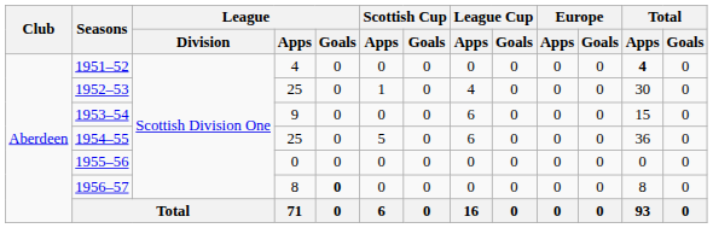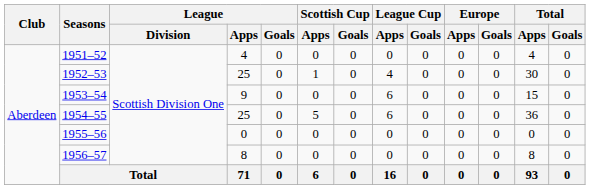 <table class="wikitable" style="text-align:center">
 <tr>
 <th rowspan="2">Club</th>
 <th rowspan="2">Seasons</th>
 <th colspan="3">League</th>
 <th colspan="2">Scottish Cup</th>
 <th colspan="2">League Cup</th>
 <th colspan="2">Europe</th>
 <th colspan="2">Total</th>
 </tr>
 <tr>
 <th>Division</th>
 <th>Apps</th>
 <th>Goals</th>
 <th>Apps</th>
 <th>Goals</th>
 <th>Apps</th>
 <th>Goals</th>
 <th>Apps</th>
 <th>Goals</th>
 <th>Apps</th>
 <th>Goals</th>
 </tr>
 <tr>
 <td rowspan="7"><a href='#'>Aberdeen</a></td>
 <td><a href='#'>1951–52</a></td>
 <td rowspan="6"><a href='#'>Scottish Division One</a></td>
 <td>4</td>
 <td>0</td>
 <td>0</td>
 <td>0</td>
 <td>0</td>
 <td>0</td>
 <td>0</td>
 <td>0</td>
-<td><strong>4</strong></td>
+<td>4</td>
 <td>0</td>
 </tr>
 <tr>
 <td><a href='#'>1952–53</a></td>
 <td>25</td>
 <td>0</td>
 <td>1</td>
 <td>0</td>
 <td>4</td>
 <td>0</td>
 <td>0</td>
 <td>0</td>
 <td>30</td>
 <td>0</td>
 </tr>
 <tr>
 <td><a href='#'>1953–54</a></td>
 <td>9</td>
 <td>0</td>
 <td>0</td>
 <td>0</td>
 <td>6</td>
 <td>0</td>
 <td>0</td>
 <td>0</td>
 <td>15</td>
 <td>0</td>
 </tr>
 <tr>
 <td><a href='#'>1954–55</a></td>
 <td>25</td>
 <td>0</td>
 <td>5</td>
 <td>0</td>
 <td>6</td>
 <td>0</td>
 <td>0</td>
 <td>0</td>
 <td>36</td>
 <td>0</td>
 </tr>
 <tr>
 <td><a href='#'>1955–56</a></td>
 <td>0</td>
 <td>0</td>
 <td>0</td>
 <td>0</td>
 <td>0</td>
 <td>0</td>
 <td>0</td>
 <td>0</td>
 <td>0</td>
 <td>0</td>
 </tr>
 <tr>
 <td><a href='#'>1956–57</a></td>
 <td>8</td>
-<td><strong>0</strong></td>
+<td>0</td>
 <td>0</td>
 <td>0</td>
 <td>0</td>
 <td>0</td>
 <td>0</td>
 <td>0</td>
 <td>8</td>
 <td>0</td>
 </tr>
 <tr>
 <th colspan="2">Total</th>
 <th>71</th>
 <th>0</th>
 <th>6</th>
 <th>0</th>
 <th>16</th>
 <th>0</th>
 <th>0</th>
 <th>0</th>
 <th>93</th>
 <th>0</th>
 </tr>
 </table>
